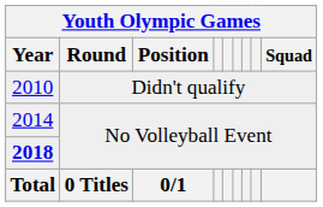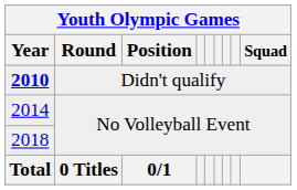 <table class="wikitable" style="text-align: center;">
 <tr>
 <th colspan=9><a href='#'>Youth Olympic Games</a></th>
 </tr>
 <tr>
 <th>Year</th>
 <th>Round</th>
 <th>Position</th>
 <th></th>
 <th></th>
 <th></th>
 <th></th>
 <th></th>
 <th><small>Squad</small></th>
 </tr>
 <tr bgcolor="efefef">
-<td> <a href='#'>2010</a></td>
+<td><strong> <a href='#'>2010</a></strong></td>
 <td colspan=8>Didn't qualify</td>
 </tr>
 <tr bgcolor="efefef">
 <td> <a href='#'>2014</a></td>
 <td colspan=8 rowspan=2 align=center>No Volleyball Event</td>
 </tr>
 <tr bgcolor="efefef">
-<td><strong> <a href='#'>2018</a></strong></td>
+<td> <a href='#'>2018</a></td>
 </tr>
 <tr>
 <th>Total</th>
 <th>0 Titles</th>
 <th>0/1</th>
 <th></th>
 <th></th>
 <th></th>
 <th></th>
 <th></th>
 <th></th>
 </tr>
 </table>
